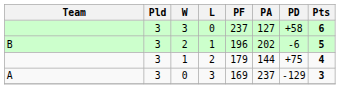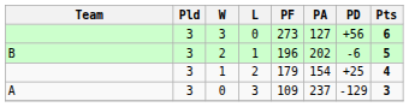 <table class="wikitable" style="text-align:center;">
 <tr>
 <th width=180>Team</th>
 <th width=30>Pld</th>
 <th width=30>W</th>
 <th width=30>L</th>
 <th width=30>PF</th>
 <th width=30>PA</th>
 <th width=30>PD</th>
 <th width=30>Pts</th>
 </tr>
 <tr bgcolor=#ccffcc>
 <td align="left"></td>
 <td>3</td>
 <td>3</td>
 <td>0</td>
-<td>237</td>
+<td>273</td>
 <td>127</td>
-<td>+58</td>
+<td>+56</td>
 <td><strong>6</strong></td>
 </tr>
 <tr bgcolor=#ccffcc>
 <td align="left"> B</td>
 <td>3</td>
 <td>2</td>
 <td>1</td>
 <td>196</td>
 <td>202</td>
 <td>-6</td>
 <td><strong>5</strong></td>
 </tr>
 <tr>
 <td align="left"></td>
 <td>3</td>
 <td>1</td>
 <td>2</td>
 <td>179</td>
-<td>144</td>
-<td>+75</td>
+<td>154</td>
+<td>+25</td>
 <td><strong>4</strong></td>
 </tr>
 <tr>
 <td align="left"> A</td>
 <td>3</td>
 <td>0</td>
 <td>3</td>
-<td>169</td>
+<td>109</td>
 <td>237</td>
 <td>-129</td>
 <td><strong>3</strong></td>
 </tr>
 <tr>
 </tr>
 </table>
